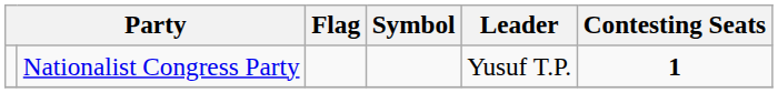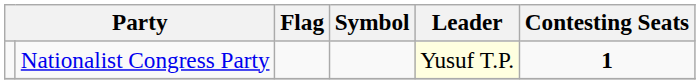 <table class="wikitable" style="text-align:center">
 <tr>
 <th colspan="2">Party</th>
 <th>Flag</th>
 <th>Symbol</th>
 <th>Leader</th>
 <th>Contesting Seats</th>
 </tr>
 <tr>
 <td></td>
 <td><a href='#'>Nationalist Congress Party</a></td>
 <td></td>
 <td></td>
-<td>Yusuf T.P.</td>
+<td style="background: lightyellow;">Yusuf T.P.</td>
 <td><strong>1</strong></td>
 </tr>
 <tr>
 </tr>
 </table>
